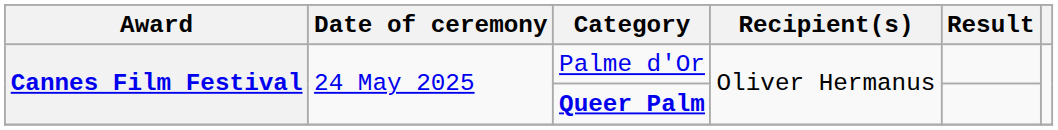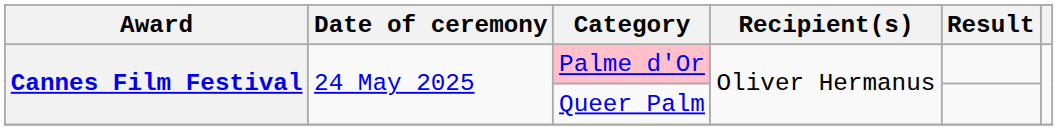 <table class="wikitable sortable plainrowheaders">
 <tr>
 <th scope="col">Award</th>
 <th scope="col">Date of ceremony</th>
 <th scope="col">Category</th>
 <th scope="col">Recipient(s)</th>
 <th scope="col">Result</th>
 <th scope="col" class="unsortable"></th>
 </tr>
 <tr>
 <th scope="row" rowspan="2"><a href='#'>Cannes Film Festival</a></th>
 <td rowspan="2"><a href='#'>24 May 2025</a></td>
-<td><a href='#'>Palme d'Or</a></td>
+<td style="background: pink;"><a href='#'>Palme d'Or</a></td>
 <td rowspan="2">Oliver Hermanus</td>
 <td></td>
 <td align="center" rowspan="2"></td>
 </tr>
 <tr>
-<td><strong><a href='#'>Queer Palm</a></strong></td>
+<td><a href='#'>Queer Palm</a></td>
 <td></td>
 </tr>
 <tr>
 </tr>
 </table>
